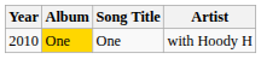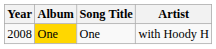 <table class="wikitable">
 <tr>
 <th>Year</th>
 <th>Album</th>
 <th>Song Title</th>
 <th>Artist</th>
 </tr>
 <tr>
-<td>2010</td>
+<td>2008</td>
 <td style="background: gold;">One</td>
 <td>One</td>
 <td>with Hoody H</td>
 </tr>
 </table>
